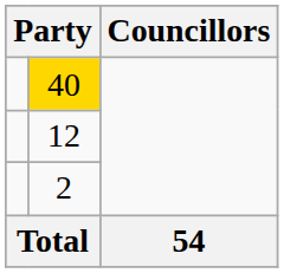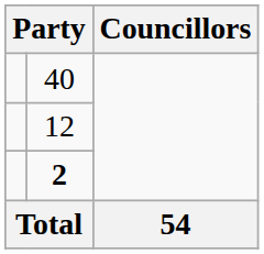 <table class="wikitable">
 <tr>
 <th colspan=2>Party</th>
 <th>Councillors</th>
 </tr>
 <tr>
 <td></td>
-<td align=center style="background: gold;">40</td>
+<td align=center>40</td>
 </tr>
 <tr>
 <td></td>
 <td align=center>12</td>
 </tr>
 <tr>
 <td></td>
-<td align=center>2</td>
+<td align=center><strong>2</strong></td>
 </tr>
 <tr>
 <th colspan=2>Total</th>
 <th align=center>54</th>
 </tr>
 </table>
